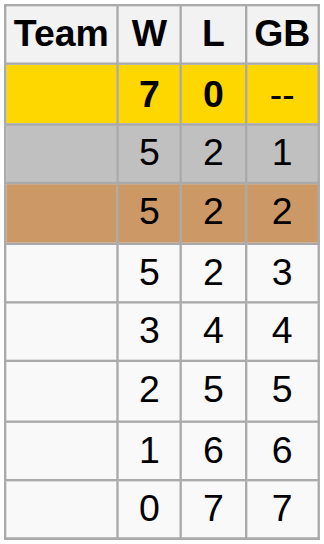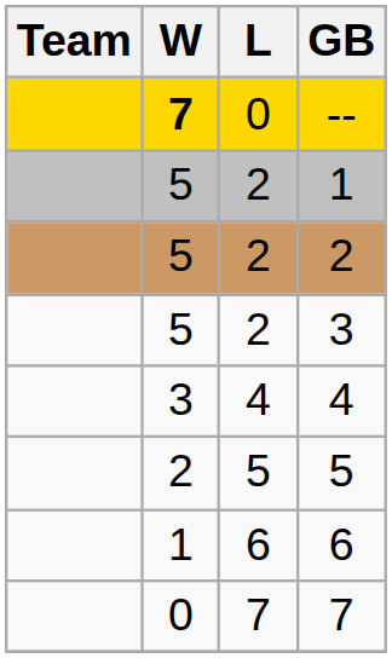 <table class="wikitable" style="text-align:center;">
 <tr>
 <th>Team</th>
 <th width=20px>W</th>
 <th width=20px>L</th>
 <th>GB</th>
 </tr>
 <tr bgcolor=gold>
 <td align="left"></td>
 <td><strong>7</strong></td>
-<td><strong>0</strong></td>
+<td>0</td>
 <td>--</td>
 </tr>
 <tr bgcolor=silver>
 <td align="left"></td>
 <td>5</td>
 <td>2</td>
 <td>1</td>
 </tr>
 <tr bgcolor=CC9966>
 <td align="left"></td>
 <td>5</td>
 <td>2</td>
 <td>2</td>
 </tr>
 <tr>
 <td align="left"></td>
 <td>5</td>
 <td>2</td>
 <td>3</td>
 </tr>
 <tr>
 <td align="left"></td>
 <td>3</td>
 <td>4</td>
 <td>4</td>
 </tr>
 <tr>
 <td align="left"><strong></strong></td>
 <td>2</td>
 <td>5</td>
 <td>5</td>
 </tr>
 <tr>
 <td align="left"></td>
 <td>1</td>
 <td>6</td>
 <td>6</td>
 </tr>
 <tr>
 <td align="left"></td>
 <td>0</td>
 <td>7</td>
 <td>7</td>
 </tr>
 <tr align="center">
 </tr>
 </table>
